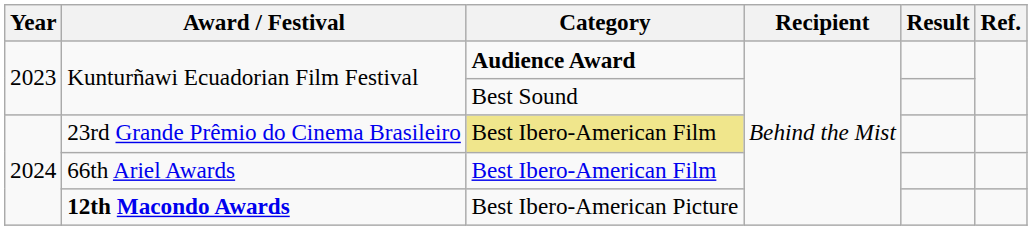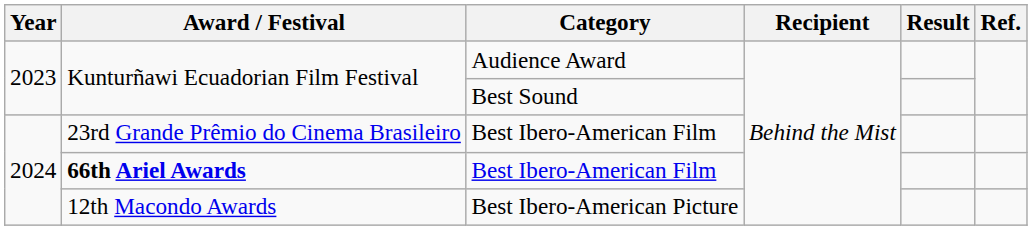 <table class="wikitable">
 <tr>
 <th>Year</th>
 <th>Award / Festival</th>
 <th>Category</th>
 <th>Recipient</th>
 <th>Result</th>
 <th>Ref.</th>
 </tr>
 <tr>
 <td rowspan="2">2023</td>
 <td rowspan="2">Kunturñawi Ecuadorian Film Festival</td>
-<td><strong>Audience Award</strong></td>
+<td>Audience Award</td>
 <td rowspan="5"><em>Behind the Mist</em></td>
 <td></td>
 <td rowspan="2"></td>
 </tr>
 <tr>
 <td>Best Sound</td>
 <td></td>
 </tr>
 <tr>
 <td rowspan="3">2024</td>
 <td>23rd <a href='#'>Grande Prêmio do Cinema Brasileiro</a></td>
-<td style="background: khaki;">Best Ibero-American Film</td>
+<td>Best Ibero-American Film</td>
 <td></td>
 <td></td>
 </tr>
 <tr>
-<td>66th <a href='#'>Ariel Awards</a></td>
+<td><strong>66th <a href='#'>Ariel Awards</a></strong></td>
 <td><a href='#'>Best Ibero-American Film</a></td>
 <td></td>
 <td></td>
 </tr>
 <tr>
-<td><strong>12th <a href='#'>Macondo Awards</a></strong></td>
+<td>12th <a href='#'>Macondo Awards</a></td>
 <td>Best Ibero-American Picture</td>
 <td></td>
 <td></td>
 </tr>
 </table>
